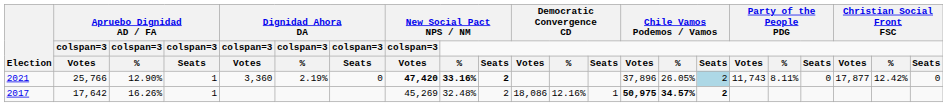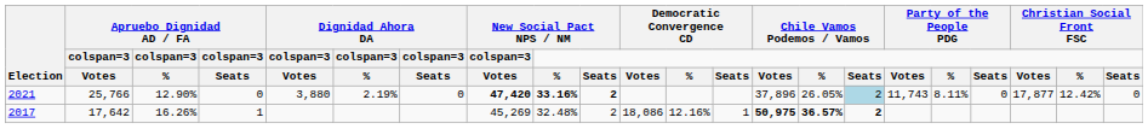 <table class="wikitable" border="1" style="font-size:95%; text-align:right;">
 <tr>
 <th style="text-align:left;" valign=bottom rowspan=3>Election</th>
 <th valign=bottom colspan=3><a href='#'>Apruebo Dignidad</a><br>AD / FA</th>
 <th valign=bottom colspan=3><a href='#'>Dignidad Ahora</a><br>DA</th>
 <th valign=bottom colspan=3><a href='#'>New Social Pact</a><br>NPS / NM</th>
 <th valign=bottom colspan=3>Democratic<br>Convergence<br>CD</th>
 <th valign=bottom colspan=3><a href='#'>Chile Vamos</a><br>Podemos / Vamos</th>
 <th valign=bottom colspan=3><a href='#'>Party of the People</a><br>PDG</th>
 <th valign=bottom colspan=3><a href='#'>Christian Social Front</a><br>FSC</th>
 </tr>
 <tr>
 <th>colspan=3 </th>
 <th>colspan=3 </th>
 <th>colspan=3 </th>
 <th>colspan=3 </th>
 <th>colspan=3 </th>
 <th>colspan=3 </th>
 <th>colspan=3 </th>
 </tr>
 <tr>
 <th>Votes</th>
 <th>%</th>
 <th>Seats</th>
 <th>Votes</th>
 <th>%</th>
 <th>Seats</th>
 <th>Votes</th>
 <th>%</th>
 <th>Seats</th>
 <th>Votes</th>
 <th>%</th>
 <th>Seats</th>
 <th>Votes</th>
 <th>%</th>
 <th>Seats</th>
 <th>Votes</th>
 <th>%</th>
 <th>Seats</th>
 <th>Votes</th>
 <th>%</th>
 <th>Seats</th>
 </tr>
 <tr>
 <td align=left><a href='#'>2021</a></td>
 <td>25,766</td>
 <td>12.90%</td>
-<td>1</td>
-<td>3,360</td>
+<td>0</td>
+<td>3,880</td>
 <td>2.19%</td>
 <td>0</td>
 <td><strong>47,420</strong></td>
 <td><strong>33.16%</strong></td>
 <td><strong>2</strong></td>
 <td></td>
 <td></td>
 <td></td>
 <td>37,896</td>
 <td>26.05%</td>
 <td style="background: lightblue;">2</td>
 <td>11,743</td>
 <td>8.11%</td>
 <td>0</td>
 <td>17,877</td>
 <td>12.42%</td>
 <td>0</td>
 </tr>
 <tr>
 <td align=left><a href='#'>2017</a></td>
 <td>17,642</td>
 <td>16.26%</td>
 <td>1</td>
 <td></td>
 <td></td>
 <td></td>
 <td>45,269</td>
 <td>32.48%</td>
 <td>2</td>
 <td>18,086</td>
 <td>12.16%</td>
 <td>1</td>
 <td><strong>50,975</strong></td>
-<td><strong>34.57%</strong></td>
+<td><strong>36.57%</strong></td>
 <td><strong>2</strong></td>
 <td></td>
 <td></td>
 <td></td>
 <td></td>
 <td></td>
 <td></td>
 </tr>
 </table>
